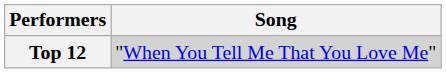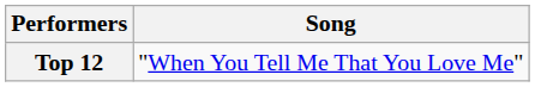 <table class="wikitable unsortable" style="text-align:center;">
 <tr>
 <th scope="col">Performers</th>
 <th scope="col">Song</th>
 </tr>
 <tr>
 <th scope="row">Top 12</th>
-<td style="background: lightgrey;">"<a href='#'>When You Tell Me That You Love Me</a>"</td>
+<td>"<a href='#'>When You Tell Me That You Love Me</a>"</td>
 </tr>
 </table>
